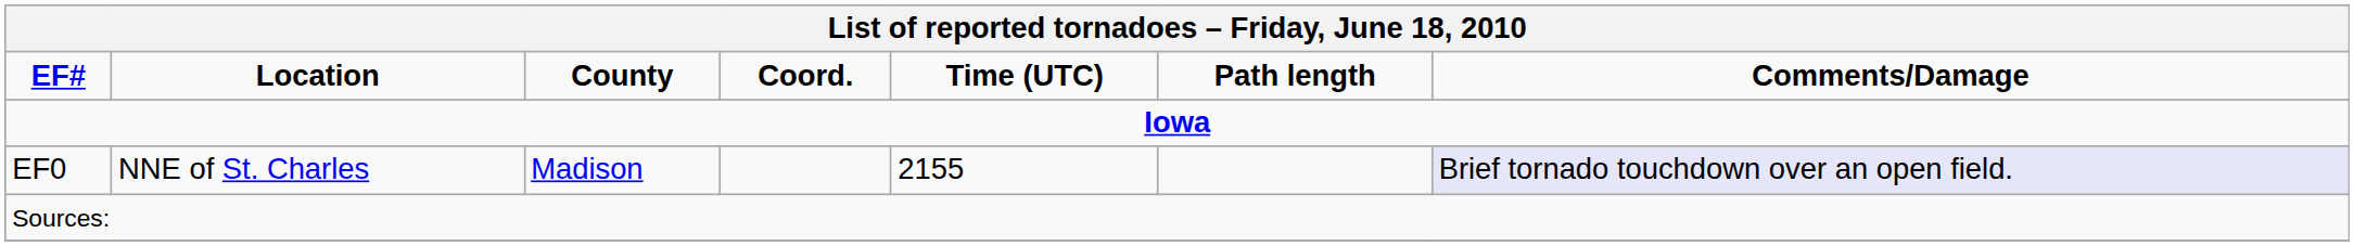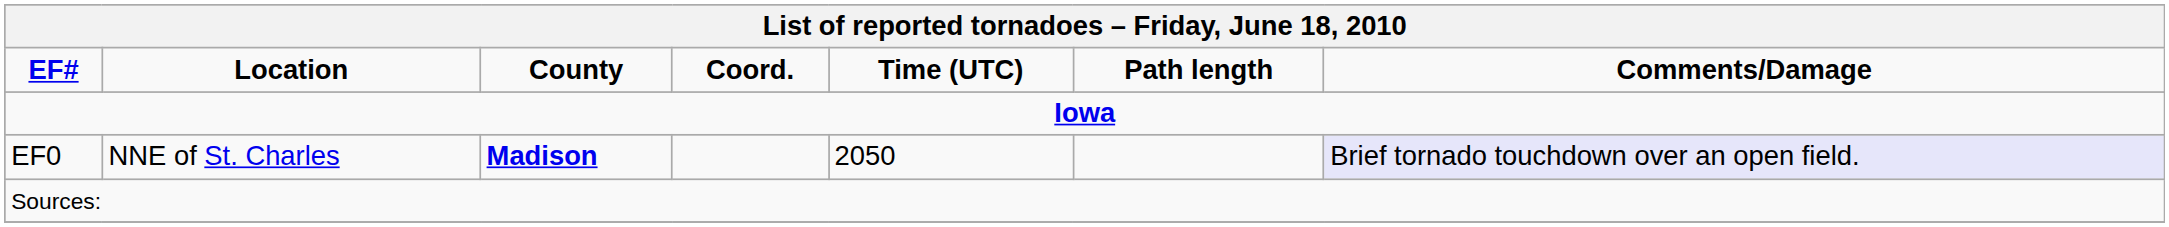 <table class="wikitable collapsible" width="100%">
 <tr>
 <th colspan="7">List of reported tornadoes – Friday, June 18, 2010</th>
 </tr>
 <tr style="text-align:center;">
 <td><strong><a href='#'>EF#</a></strong></td>
 <td><strong>Location</strong></td>
 <td><strong>County</strong></td>
 <td><strong>Coord.</strong></td>
 <td><strong>Time (UTC)</strong></td>
 <td><strong>Path length</strong></td>
 <td><strong>Comments/Damage</strong></td>
 </tr>
 <tr>
 <td colspan="7" align=center><strong><a href='#'>Iowa</a></strong></td>
 </tr>
 <tr>
 <td>EF0</td>
 <td>NNE of <a href='#'>St. Charles</a></td>
-<td><a href='#'>Madison</a></td>
+<td><strong><a href='#'>Madison</a></strong></td>
 <td></td>
-<td>2155</td>
+<td>2050</td>
 <td></td>
 <td style="background: lavender;">Brief tornado touchdown over an open field.</td>
 </tr>
 <tr>
 <td colspan="7"><small>Sources: </small></td>
 </tr>
 <tr>
 </tr>
 </table>
